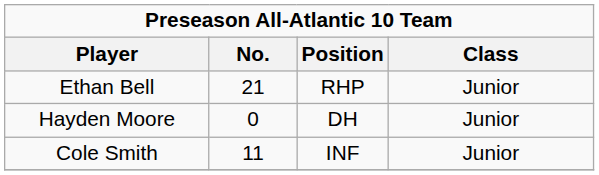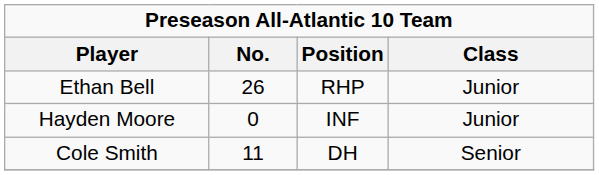 <table class="wikitable" style="text-align:center">
 <tr>
 <td colspan="5"><strong>Preseason All-Atlantic 10 Team</strong></td>
 </tr>
 <tr>
 <th style="width:150px; ">Player</th>
 <th style="width:60px; ">No.</th>
 <th style="width:60px; ">Position</th>
 <th style="width:150px; ">Class</th>
 </tr>
 <tr>
 <td>Ethan Bell</td>
-<td>21</td>
+<td>26</td>
 <td>RHP</td>
 <td>Junior</td>
 </tr>
 <tr>
 <td>Hayden Moore</td>
 <td>0</td>
-<td>DH</td>
+<td>INF</td>
 <td>Junior</td>
 </tr>
 <tr>
 <td>Cole Smith</td>
 <td>11</td>
-<td>INF</td>
-<td>Junior</td>
+<td>DH</td>
+<td>Senior</td>
 </tr>
 <tr>
 </tr>
 </table>
